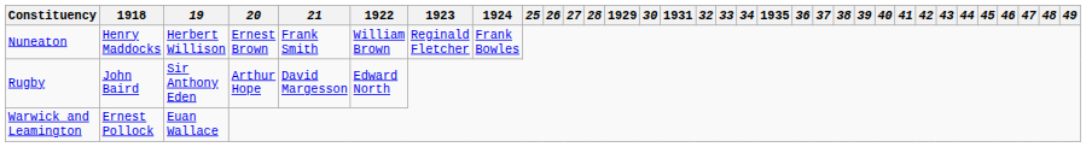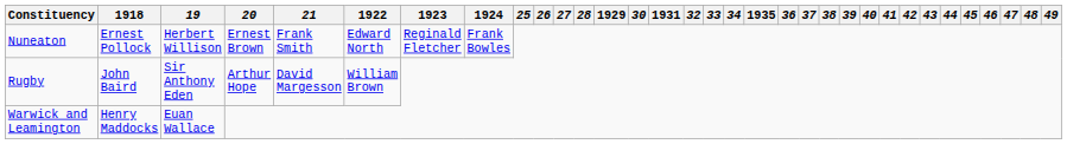 <table class="wikitable">
 <tr>
 <th>Constituency</th>
 <th>1918</th>
 <th><em>19</em></th>
 <th><em>20</em></th>
 <th><em>21</em></th>
 <th>1922</th>
 <th>1923</th>
 <th>1924</th>
 <th><em>25</em></th>
 <th><em>26</em></th>
 <th><em>27</em></th>
 <th><em>28</em></th>
 <th>1929</th>
 <th><em>30</em></th>
 <th>1931</th>
 <th><em>32</em></th>
 <th><em>33</em></th>
 <th><em>34</em></th>
 <th>1935</th>
 <th><em>36</em></th>
 <th><em>37</em></th>
 <th><em>38</em></th>
 <th><em>39</em></th>
 <th><em>40</em></th>
 <th><em>41</em></th>
 <th><em>42</em></th>
 <th><em>43</em></th>
 <th><em>44</em></th>
 <th><em>45</em></th>
 <th><em>46</em></th>
 <th><em>47</em></th>
 <th><em>48</em></th>
 <th><em>49</em></th>
 </tr>
 <tr>
 <td><a href='#'>Nuneaton</a></td>
-<td><a href='#'>Henry Maddocks</a></td>
+<td><a href='#'>Ernest Pollock</a></td>
 <td><a href='#'>Herbert Willison</a></td>
 <td><a href='#'>Ernest Brown</a></td>
 <td><a href='#'>Frank Smith</a></td>
-<td><a href='#'>William Brown</a></td>
+<td><a href='#'>Edward North</a></td>
 <td><a href='#'>Reginald Fletcher</a></td>
 <td><a href='#'>Frank Bowles</a></td>
 </tr>
 <tr>
 <td><a href='#'>Rugby</a></td>
 <td><a href='#'>John Baird</a></td>
 <td><a href='#'>Sir Anthony Eden</a></td>
 <td><a href='#'>Arthur Hope</a></td>
 <td><a href='#'>David Margesson</a></td>
-<td><a href='#'>Edward North</a></td>
+<td><a href='#'>William Brown</a></td>
 </tr>
 <tr>
 <td><a href='#'>Warwick and Leamington</a></td>
-<td><a href='#'>Ernest Pollock</a></td>
+<td><a href='#'>Henry Maddocks</a></td>
 <td><a href='#'>Euan Wallace</a></td>
 </tr>
 </table>
